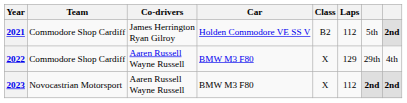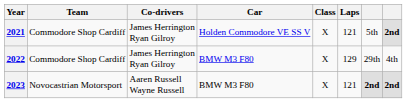 <table class="wikitable" style="font-size:90%">
 <tr>
 <th>Year</th>
 <th>Team</th>
 <th>Co-drivers</th>
 <th>Car</th>
 <th>Class</th>
 <th>Laps</th>
 <th></th>
 <th></th>
 </tr>
 <tr style="text-align:center;">
 <th><a href='#'>2021</a></th>
 <td align="left"> Commodore Shop Cardiff</td>
 <td align="left"> James Herrington<br>  Ryan Gilroy</td>
 <td align="left"><a href='#'>Holden Commodore VE SS V</a></td>
-<td>B2</td>
-<td>112</td>
+<td>X</td>
+<td>121</td>
 <td>5th</td>
 <td style="background:#DFDFDF;"><strong>2nd</strong></td>
 </tr>
 <tr style="text-align:center;">
 <th><a href='#'>2022</a></th>
 <td align="left"> Commodore Shop Cardiff</td>
-<td align="left"> <a href='#'>Aaren Russell</a><br> Wayne Russell</td>
+<td align="left"> James Herrington<br>  Ryan Gilroy</td>
 <td align="left"><a href='#'>BMW M3 F80</a></td>
 <td>X</td>
 <td>129</td>
 <td>29th</td>
 <td>4th</td>
 </tr>
 <tr style="text-align:center;">
 <th><a href='#'>2023</a></th>
 <td align="left"> Novocastrian Motorsport</td>
 <td align="left"> Aaren Russell<br> Wayne Russell</td>
 <td align="left">BMW M3 F80</td>
 <td>X</td>
-<td align=center>112</td>
+<td align=center>121</td>
 <td style="background:#DFDFDF"><strong>2nd</strong></td>
 <td style="background:#DFDFDF"><strong>2nd</strong></td>
 </tr>
 </table>
